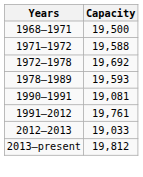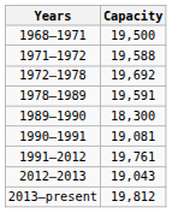 <table class="wikitable" style="text-align:center">
 <tr>
 <th>Years</th>
 <th>Capacity</th>
 </tr>
 <tr>
 <td>1968–1971</td>
 <td>19,500</td>
 </tr>
 <tr>
 <td>1971–1972</td>
 <td>19,588</td>
 </tr>
 <tr>
 <td>1972–1978</td>
 <td>19,692</td>
 </tr>
 <tr>
 <td>1978–1989</td>
-<td>19,593</td>
+<td>19,591</td>
+</tr>
+<tr>
+<td>1989–1990</td>
+<td>18,300</td>
 </tr>
 <tr>
 <td>1990–1991</td>
 <td>19,081</td>
 </tr>
 <tr>
 <td>1991–2012</td>
 <td>19,761</td>
 </tr>
 <tr>
 <td>2012–2013</td>
-<td>19,033</td>
+<td>19,043</td>
 </tr>
 <tr>
 <td>2013–present</td>
 <td>19,812</td>
 </tr>
 </table>
